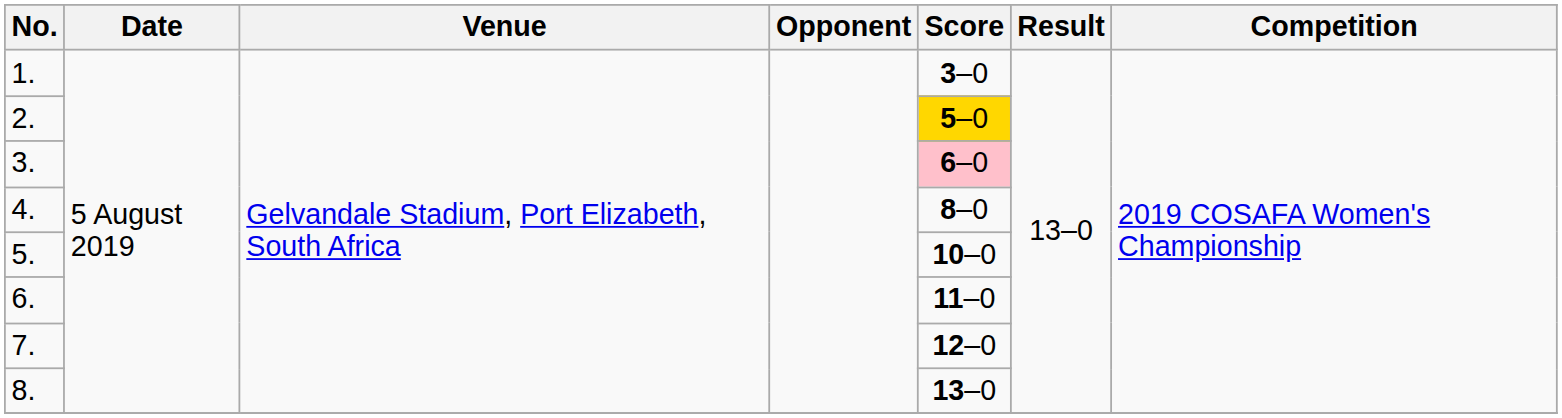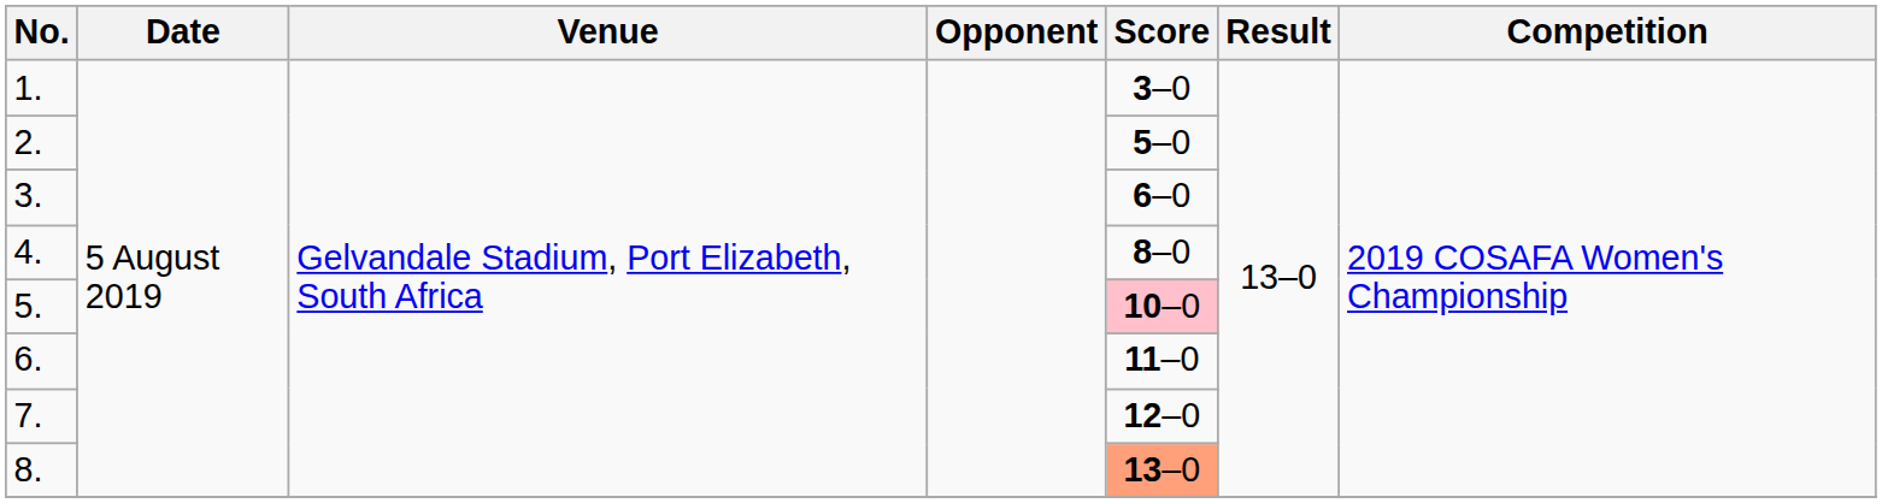 <table class="wikitable">
 <tr>
 <th>No.</th>
 <th>Date</th>
 <th>Venue</th>
 <th>Opponent</th>
 <th>Score</th>
 <th>Result</th>
 <th>Competition</th>
 </tr>
 <tr>
 <td>1.</td>
 <td rowspan=8>5 August 2019</td>
 <td rowspan=8><a href='#'>Gelvandale Stadium</a>, <a href='#'>Port Elizabeth</a>, <a href='#'>South Africa</a></td>
 <td rowspan=8></td>
 <td align=center><strong>3</strong>–0</td>
 <td rowspan=8 align=center>13–0</td>
 <td rowspan=8><a href='#'>2019 COSAFA Women's Championship</a></td>
 </tr>
 <tr>
 <td>2.</td>
-<td align=center style="background: gold;"><strong>5</strong>–0</td>
+<td align=center><strong>5</strong>–0</td>
 </tr>
 <tr>
 <td>3.</td>
-<td align=center style="background: pink;"><strong>6</strong>–0</td>
+<td align=center><strong>6</strong>–0</td>
 </tr>
 <tr>
 <td>4.</td>
 <td align=center><strong>8</strong>–0</td>
 </tr>
 <tr>
 <td>5.</td>
-<td align=center><strong>10</strong>–0</td>
+<td align=center style="background: pink;"><strong>10</strong>–0</td>
 </tr>
 <tr>
 <td>6.</td>
 <td align=center><strong>11</strong>–0</td>
 </tr>
 <tr>
 <td>7.</td>
 <td align=center><strong>12</strong>–0</td>
 </tr>
 <tr>
 <td>8.</td>
-<td align=center><strong>13</strong>–0</td>
+<td align=center style="background: lightsalmon;"><strong>13</strong>–0</td>
 </tr>
 <tr>
 </tr>
 </table>
